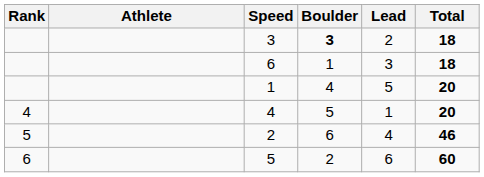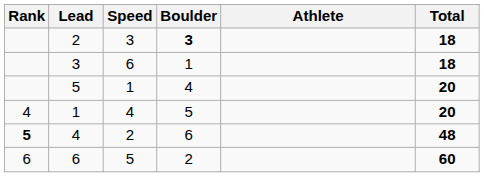 <table class="wikitable" style="text-align:center">
 <tr>
 <th width=40>Rank</th>
-<th width=200>Athlete</th>
+<th width=50>Lead</th>
 <th width=50>Speed</th>
 <th width=50>Boulder</th>
-<th width=50>Lead</th>
+<th width=200>Athlete</th>
 <th width=60>Total</th>
 </tr>
 <tr>
 <td></td>
-<td align=left></td>
+<td>2</td>
 <td>3</td>
 <td><strong>3</strong></td>
-<td>2</td>
+<td align=left></td>
 <td><strong>18</strong></td>
 </tr>
 <tr>
 <td></td>
-<td align=left></td>
+<td>3</td>
 <td>6</td>
 <td>1</td>
-<td>3</td>
+<td align=left></td>
 <td><strong>18</strong></td>
 </tr>
 <tr>
 <td></td>
-<td align=left></td>
+<td>5</td>
 <td>1</td>
 <td>4</td>
-<td>5</td>
+<td align=left></td>
 <td><strong>20</strong></td>
 </tr>
 <tr>
 <td>4</td>
-<td align=left></td>
+<td>1</td>
 <td>4</td>
 <td>5</td>
-<td>1</td>
+<td align=left></td>
 <td><strong>20</strong></td>
 </tr>
 <tr>
-<td>5</td>
-<td align=left></td>
+<td><strong>5</strong></td>
+<td>4</td>
 <td>2</td>
 <td>6</td>
-<td>4</td>
-<td><strong>46</strong></td>
+<td align=left></td>
+<td><strong>48</strong></td>
 </tr>
 <tr>
 <td>6</td>
-<td align=left></td>
+<td>6</td>
 <td>5</td>
 <td>2</td>
-<td>6</td>
+<td align=left></td>
 <td><strong>60</strong></td>
 </tr>
 </table>
